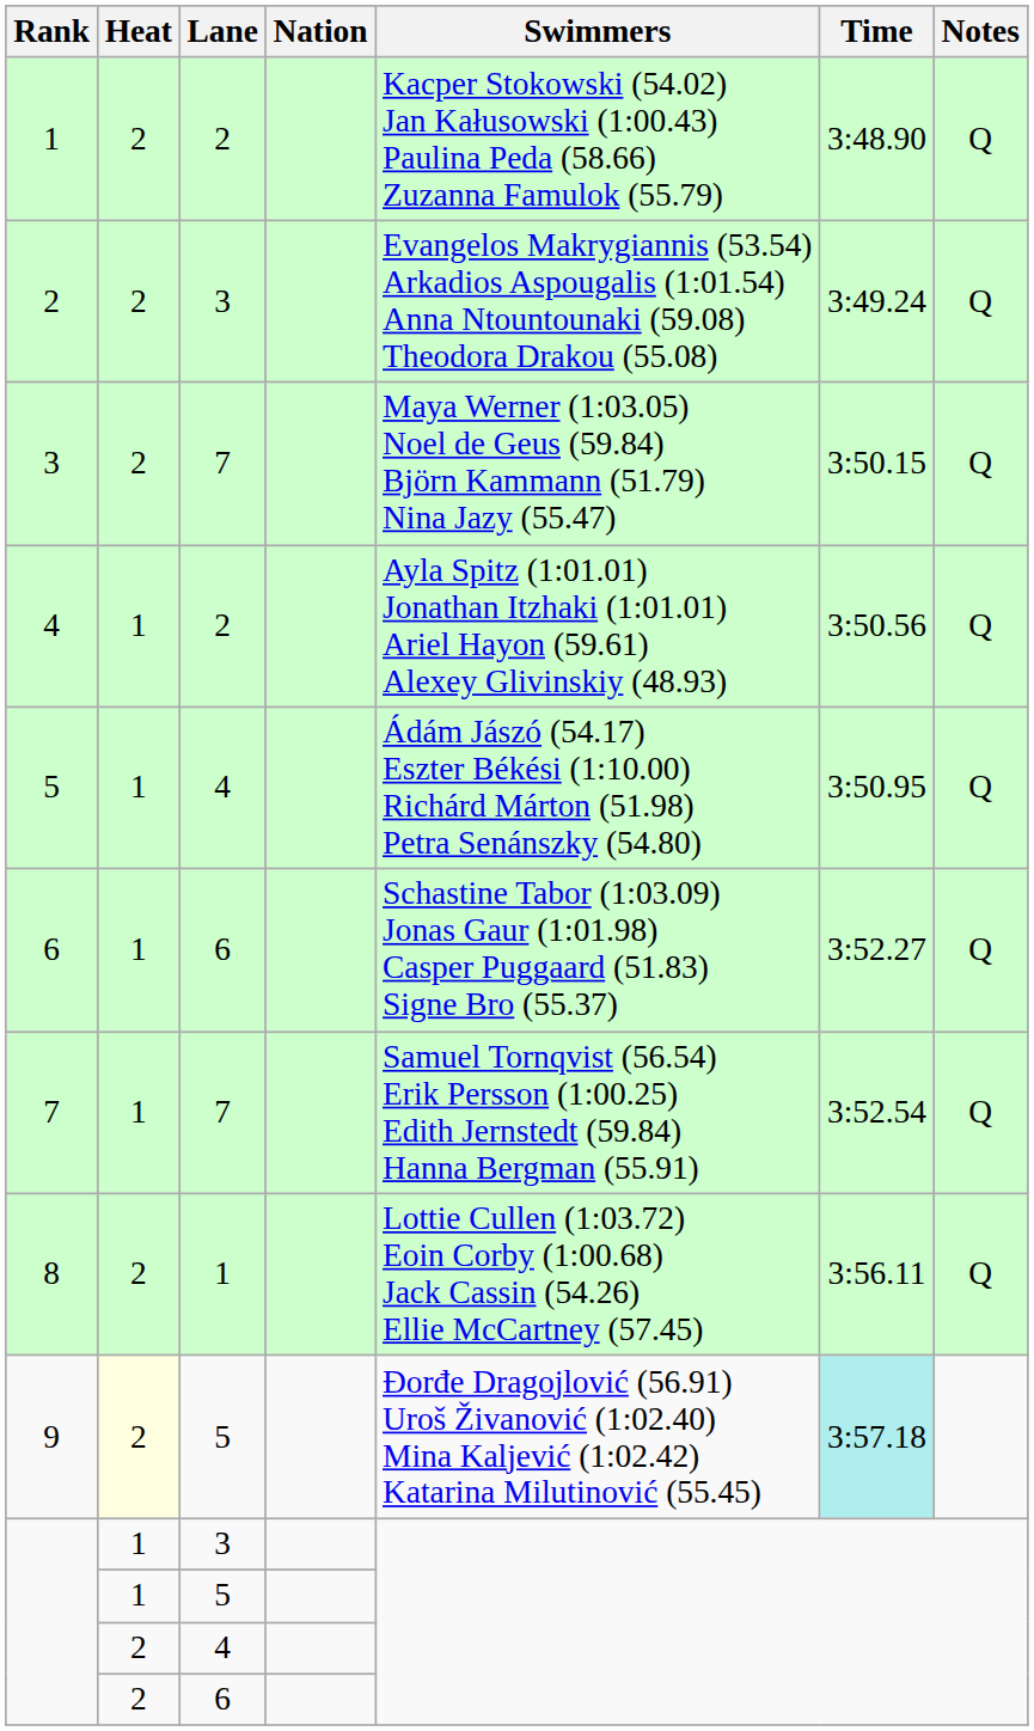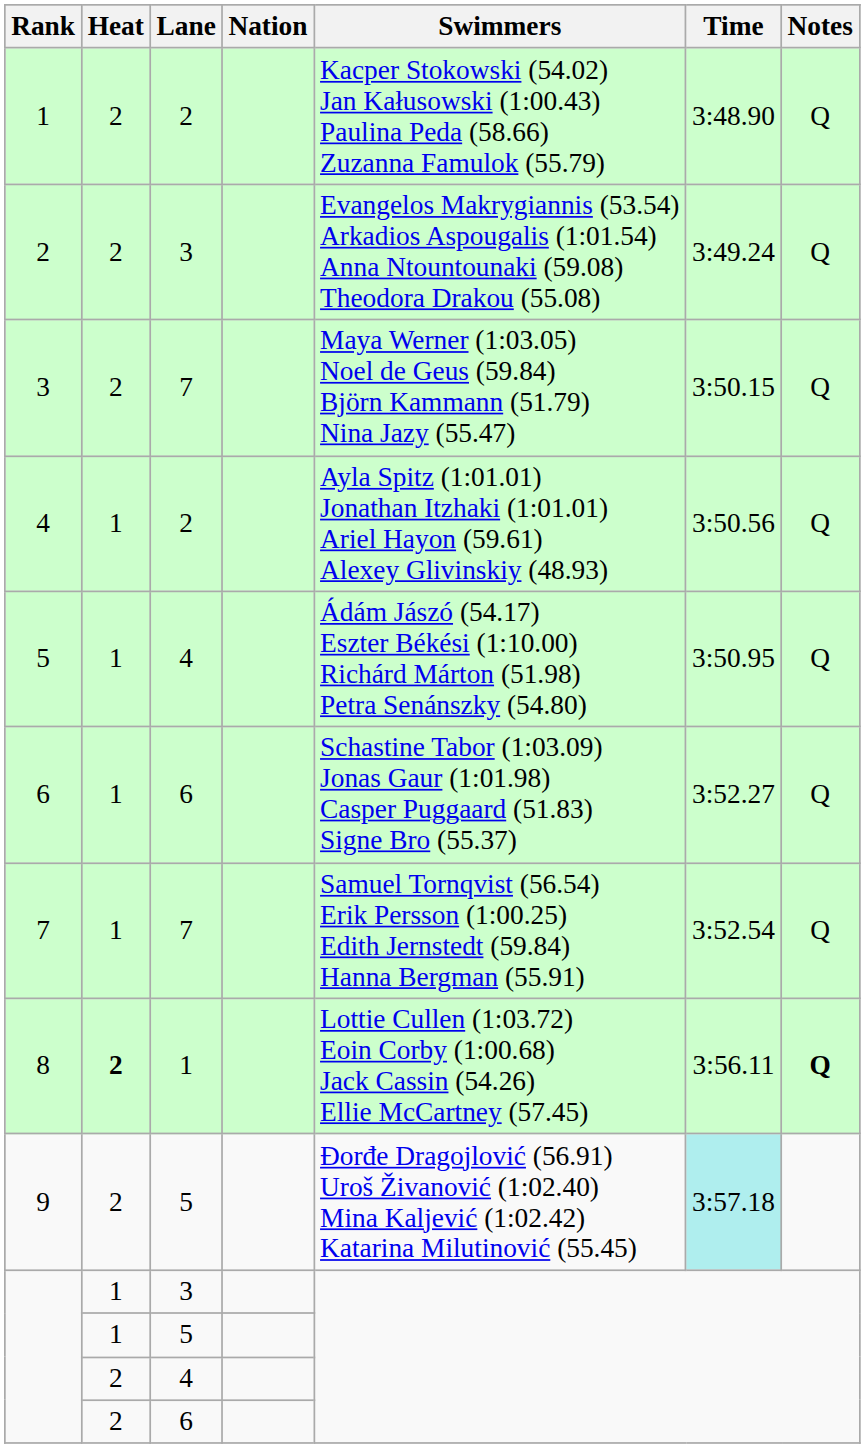 <table class="wikitable sortable" style="text-align:center">
 <tr>
 <th>Rank</th>
 <th>Heat</th>
 <th>Lane</th>
 <th>Nation</th>
 <th>Swimmers</th>
 <th>Time</th>
 <th>Notes</th>
 </tr>
 <tr bgcolor=ccffcc>
 <td>1</td>
 <td>2</td>
 <td>2</td>
 <td align=left></td>
 <td align=left><a href='#'>Kacper Stokowski</a> (54.02)<br><a href='#'>Jan Kałusowski</a> (1:00.43)<br><a href='#'>Paulina Peda</a> (58.66)<br><a href='#'>Zuzanna Famulok</a> (55.79)</td>
 <td>3:48.90</td>
 <td>Q</td>
 </tr>
 <tr bgcolor=ccffcc>
 <td>2</td>
 <td>2</td>
 <td>3</td>
 <td align=left></td>
 <td align=left><a href='#'>Evangelos Makrygiannis</a> (53.54)<br><a href='#'>Arkadios Aspougalis</a> (1:01.54)<br><a href='#'>Anna Ntountounaki</a> (59.08)<br><a href='#'>Theodora Drakou</a> (55.08)</td>
 <td>3:49.24</td>
 <td>Q</td>
 </tr>
 <tr bgcolor=ccffcc>
 <td>3</td>
 <td>2</td>
 <td>7</td>
 <td align=left></td>
 <td align=left><a href='#'>Maya Werner</a> (1:03.05)<br><a href='#'>Noel de Geus</a> (59.84)<br><a href='#'>Björn Kammann</a> (51.79)<br><a href='#'>Nina Jazy</a> (55.47)</td>
 <td>3:50.15</td>
 <td>Q</td>
 </tr>
 <tr bgcolor=ccffcc>
 <td>4</td>
 <td>1</td>
 <td>2</td>
 <td align=left></td>
 <td align=left><a href='#'>Ayla Spitz</a> (1:01.01)<br><a href='#'>Jonathan Itzhaki</a> (1:01.01)<br><a href='#'>Ariel Hayon</a> (59.61)<br><a href='#'>Alexey Glivinskiy</a> (48.93)</td>
 <td>3:50.56</td>
 <td>Q</td>
 </tr>
 <tr bgcolor=ccffcc>
 <td>5</td>
 <td>1</td>
 <td>4</td>
 <td align=left></td>
 <td align=left><a href='#'>Ádám Jászó</a> (54.17)<br><a href='#'>Eszter Békési</a> (1:10.00)<br><a href='#'>Richárd Márton</a> (51.98)<br><a href='#'>Petra Senánszky</a> (54.80)</td>
 <td>3:50.95</td>
 <td>Q</td>
 </tr>
 <tr bgcolor=ccffcc>
 <td>6</td>
 <td>1</td>
 <td>6</td>
 <td align=left></td>
 <td align=left><a href='#'>Schastine Tabor</a> (1:03.09)<br><a href='#'>Jonas Gaur</a> (1:01.98)<br><a href='#'>Casper Puggaard</a> (51.83)<br><a href='#'>Signe Bro</a> (55.37)</td>
 <td>3:52.27</td>
 <td>Q</td>
 </tr>
 <tr bgcolor=ccffcc>
 <td>7</td>
 <td>1</td>
 <td>7</td>
 <td align=left></td>
 <td align=left><a href='#'>Samuel Tornqvist</a> (56.54)<br><a href='#'>Erik Persson</a> (1:00.25)<br><a href='#'>Edith Jernstedt</a> (59.84)<br><a href='#'>Hanna Bergman</a> (55.91)</td>
 <td>3:52.54</td>
 <td>Q</td>
 </tr>
 <tr bgcolor=ccffcc>
 <td>8</td>
-<td>2</td>
+<td><strong>2</strong></td>
 <td>1</td>
 <td align=left></td>
 <td align=left><a href='#'>Lottie Cullen</a> (1:03.72)<br><a href='#'>Eoin Corby</a> (1:00.68)<br><a href='#'>Jack Cassin</a> (54.26)<br><a href='#'>Ellie McCartney</a> (57.45)</td>
 <td>3:56.11</td>
-<td>Q</td>
+<td><strong>Q</strong></td>
 </tr>
 <tr>
 <td>9</td>
-<td style="background: lightyellow;">2</td>
+<td>2</td>
 <td>5</td>
 <td align=left></td>
 <td align=left><a href='#'>Đorđe Dragojlović</a> (56.91)<br><a href='#'>Uroš Živanović</a> (1:02.40)<br><a href='#'>Mina Kaljević</a> (1:02.42)<br><a href='#'>Katarina Milutinović</a> (55.45)</td>
 <td style="background: paleturquoise;">3:57.18</td>
 <td></td>
 </tr>
 <tr>
 <td rowspan=4></td>
 <td>1</td>
 <td>3</td>
 <td align=left></td>
 <td colspan=3 rowspan=4></td>
 </tr>
 <tr>
 <td>1</td>
 <td>5</td>
 <td align=left></td>
 </tr>
 <tr>
 <td>2</td>
 <td>4</td>
 <td align=left></td>
 </tr>
 <tr>
 <td>2</td>
 <td>6</td>
 <td align=left></td>
 </tr>
 </table>
